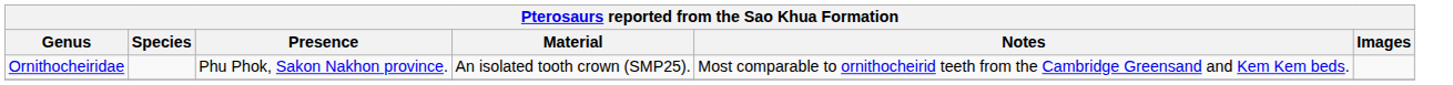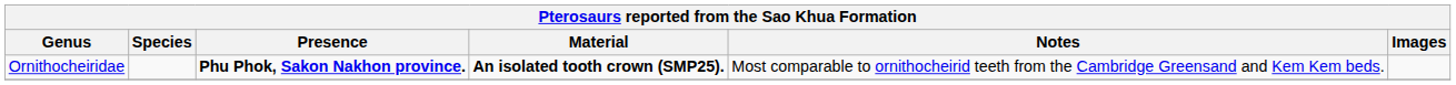 <table class="wikitable" align="center">
 <tr>
 <th colspan="6" align="center"><strong><a href='#'>Pterosaurs</a> reported from the Sao Khua Formation</strong></th>
 </tr>
 <tr>
 <th>Genus</th>
 <th>Species</th>
 <th>Presence</th>
 <th><strong>Material</strong></th>
 <th>Notes</th>
 <th>Images</th>
 </tr>
 <tr>
 <td><a href='#'>Ornithocheiridae</a></td>
 <td></td>
-<td>Phu Phok, <a href='#'>Sakon Nakhon province</a>.</td>
-<td>An isolated tooth crown (SMP25).</td>
+<td><strong>Phu Phok, <a href='#'>Sakon Nakhon province</a>.</strong></td>
+<td><strong>An isolated tooth crown (SMP25).</strong></td>
 <td>Most comparable to <a href='#'>ornithocheirid</a> teeth from the <a href='#'>Cambridge Greensand</a> and <a href='#'>Kem Kem beds</a>.</td>
 <td></td>
 </tr>
 <tr>
 </tr>
 </table>
